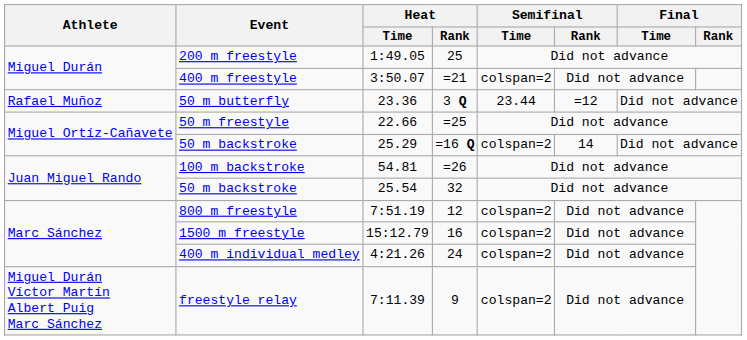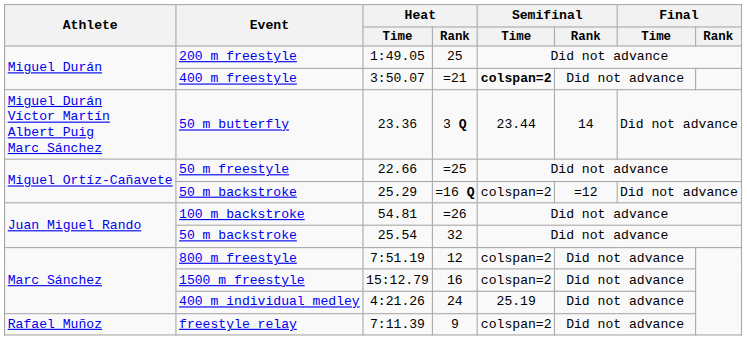 <table class=wikitable style="font-size:90%">
 <tr>
 <th rowspan="2">Athlete</th>
 <th rowspan="2">Event</th>
 <th colspan="2">Heat</th>
 <th colspan="2">Semifinal</th>
 <th colspan="2">Final</th>
 </tr>
 <tr style="font-size:95%">
 <th>Time</th>
 <th>Rank</th>
 <th>Time</th>
 <th>Rank</th>
 <th>Time</th>
 <th>Rank</th>
 </tr>
 <tr align=center>
 <td align=left rowspan=2><a href='#'>Miguel Durán</a></td>
 <td align=left><a href='#'>200 m freestyle</a></td>
 <td>1:49.05</td>
 <td>25</td>
 <td colspan=4>Did not advance</td>
 </tr>
 <tr align=center>
 <td align=left><a href='#'>400 m freestyle</a></td>
 <td>3:50.07</td>
 <td>=21</td>
-<td>colspan=2 </td>
+<td><strong>colspan=2 </strong></td>
 <td colspan=2>Did not advance</td>
 </tr>
 <tr align=center>
-<td align=left><a href='#'>Rafael Muñoz</a></td>
+<td align=left><a href='#'>Miguel Durán</a><br><a href='#'>Víctor Martín</a><br><a href='#'>Albert Puig</a><br><a href='#'>Marc Sánchez</a></td>
 <td align=left><a href='#'>50 m butterfly</a></td>
 <td>23.36</td>
 <td>3 <strong>Q</strong></td>
 <td>23.44</td>
-<td>=12</td>
+<td>14</td>
 <td colspan=2>Did not advance</td>
 </tr>
 <tr align=center>
 <td align=left rowspan=2><a href='#'>Miguel Ortíz-Cañavete</a></td>
 <td align=left><a href='#'>50 m freestyle</a></td>
 <td>22.66</td>
 <td>=25</td>
 <td colspan=4>Did not advance</td>
 </tr>
 <tr align=center>
 <td align=left><a href='#'>50 m backstroke</a></td>
 <td>25.29</td>
 <td>=16 <strong>Q</strong></td>
 <td>colspan=2 </td>
-<td>14</td>
+<td>=12</td>
 <td colspan=2>Did not advance</td>
 </tr>
 <tr align=center>
 <td align=left rowspan=2><a href='#'>Juan Miguel Rando</a></td>
 <td align=left><a href='#'>100 m backstroke</a></td>
 <td>54.81</td>
 <td>=26</td>
 <td colspan=4>Did not advance</td>
 </tr>
 <tr align=center>
 <td align=left><a href='#'>50 m backstroke</a></td>
 <td>25.54</td>
 <td>32</td>
 <td colspan=4>Did not advance</td>
 </tr>
 <tr align=center>
 <td align=left rowspan=3><a href='#'>Marc Sánchez</a></td>
 <td align=left><a href='#'>800 m freestyle</a></td>
 <td>7:51.19</td>
 <td>12</td>
 <td>colspan=2 </td>
 <td colspan=2>Did not advance</td>
 </tr>
 <tr align=center>
 <td align=left><a href='#'>1500 m freestyle</a></td>
 <td>15:12.79</td>
 <td>16</td>
 <td>colspan=2 </td>
 <td colspan=2>Did not advance</td>
 </tr>
 <tr align=center>
 <td align=left><a href='#'>400 m individual medley</a></td>
 <td>4:21.26</td>
 <td>24</td>
-<td>colspan=2 </td>
+<td>25.19</td>
 <td colspan=2>Did not advance</td>
 </tr>
 <tr align=center>
-<td align=left><a href='#'>Miguel Durán</a><br><a href='#'>Víctor Martín</a><br><a href='#'>Albert Puig</a><br><a href='#'>Marc Sánchez</a></td>
+<td align=left><a href='#'>Rafael Muñoz</a></td>
 <td align=left><a href='#'> freestyle relay</a></td>
 <td>7:11.39</td>
 <td>9</td>
 <td>colspan=2 </td>
 <td colspan=2>Did not advance</td>
 </tr>
 </table>
